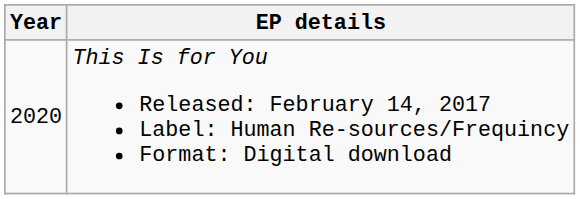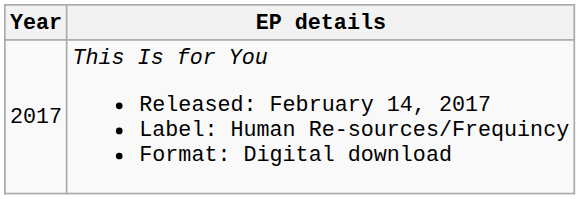 <table class="wikitable">
 <tr>
 <th>Year</th>
 <th>EP details</th>
 </tr>
 <tr>
-<td align="center">2020</td>
+<td align="center">2017</td>
 <td><em>This Is for You</em><br><ul><li>Released: February 14, 2017</li><li>Label: Human Re-sources/Frequincy</li><li>Format: Digital download</li></ul></td>
 </tr>
 </table>
